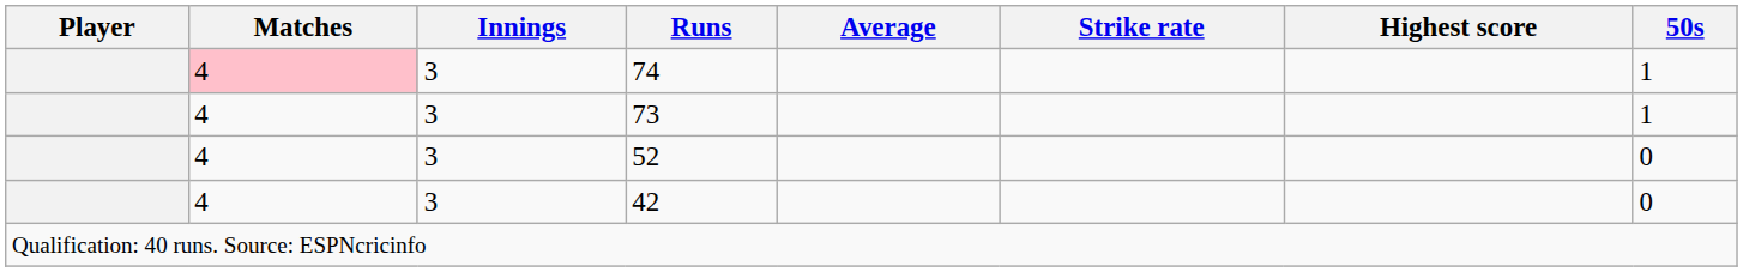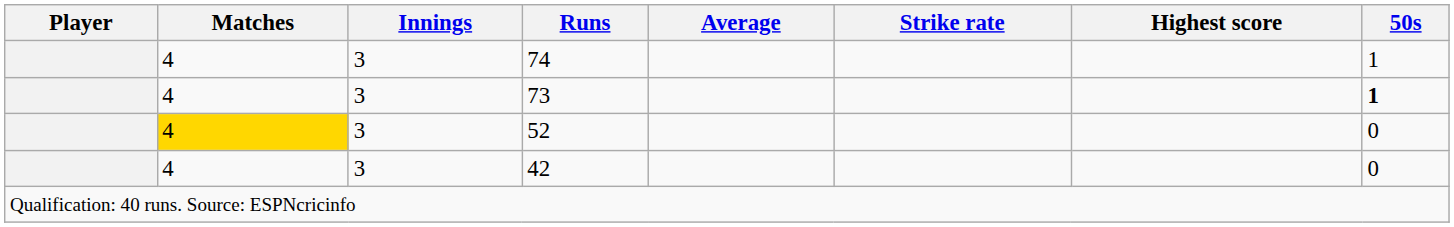 <table class="wikitable sortable plainrowheaders" style="width:80%;">
 <tr>
 <th scope="col">Player</th>
 <th scope="col">Matches</th>
 <th scope="col"><a href='#'>Innings</a></th>
 <th scope="col"><a href='#'>Runs</a></th>
 <th scope="col"><a href='#'>Average</a></th>
 <th scope="col"><a href='#'>Strike rate</a></th>
 <th scope="col">Highest score</th>
 <th scope="col"><a href='#'>50s</a></th>
 </tr>
 <tr>
 <th scope="row"></th>
-<td style="background: pink;">4</td>
+<td>4</td>
 <td>3</td>
 <td>74</td>
 <td></td>
 <td></td>
 <td></td>
 <td>1</td>
 </tr>
 <tr>
 <th scope="row"></th>
 <td>4</td>
 <td>3</td>
 <td>73</td>
 <td></td>
 <td></td>
 <td></td>
-<td>1</td>
+<td><strong>1</strong></td>
 </tr>
 <tr>
 <th scope="row"></th>
-<td>4</td>
+<td style="background: gold;">4</td>
 <td>3</td>
 <td>52</td>
 <td></td>
 <td></td>
 <td></td>
 <td>0</td>
 </tr>
 <tr>
 <th scope="row"></th>
 <td>4</td>
 <td>3</td>
 <td>42</td>
 <td></td>
 <td></td>
 <td></td>
 <td>0</td>
 </tr>
 <tr class="sortbottom">
 <td colspan="8"><small>Qualification: 40 runs. Source: ESPNcricinfo</small></td>
 </tr>
 </table>
